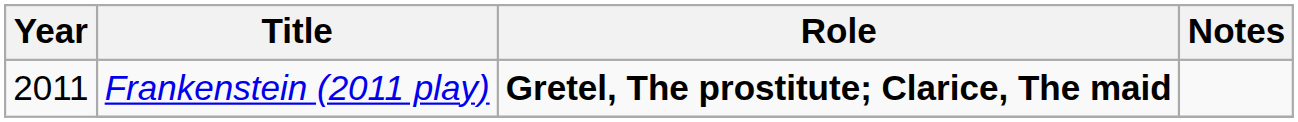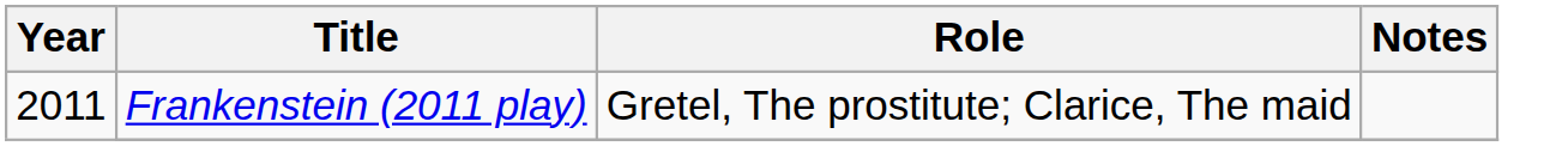 <table class="wikitable sortable">
 <tr>
 <th>Year</th>
 <th>Title</th>
 <th>Role</th>
 <th class="unsortable">Notes</th>
 </tr>
 <tr>
 <td rowspan=2>2011</td>
 <td><em><a href='#'>Frankenstein (2011 play)</a></em></td>
-<td><strong>Gretel, The prostitute; Clarice, The maid</strong></td>
+<td>Gretel, The prostitute; Clarice, The maid</td>
 <td></td>
 </tr>
 <tr>
 </tr>
 </table>
